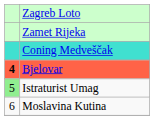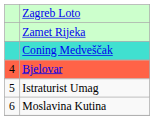 <table class="wikitable" width="200px">
 <tr bgcolor=#ccffcc>
 <td align=center></td>
 <td><a href='#'>Zagreb Loto</a></td>
 </tr>
 <tr bgcolor=#ccffcc>
 <td align=center></td>
 <td><a href='#'>Zamet Rijeka</a></td>
 </tr>
 <tr bgcolor="turquoise">
 <td align=center></td>
 <td><a href='#'>Coning Medveščak</a></td>
 </tr>
 <tr bgcolor="tomato">
-<td align=center><strong>4</strong></td>
+<td align=center>4</td>
 <td><a href='#'>Bjelovar</a></td>
 </tr>
 <tr>
-<td align=center style="background: lightgreen;">5</td>
+<td align=center>5</td>
 <td>Istraturist Umag</td>
 </tr>
 <tr>
 <td align=center>6</td>
 <td>Moslavina Kutina</td>
 </tr>
 <tr>
 </tr>
 </table>
